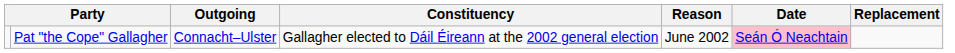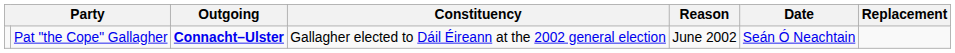 <table class="wikitable">
 <tr>
 <th colspan=2>Party</th>
 <th>Outgoing</th>
 <th>Constituency</th>
 <th>Reason</th>
 <th>Date</th>
 <th>Replacement</th>
 </tr>
 <tr>
 <td></td>
 <td><a href='#'>Pat "the Cope" Gallagher</a></td>
-<td><a href='#'>Connacht–Ulster</a></td>
+<td><strong><a href='#'>Connacht–Ulster</a></strong></td>
 <td>Gallagher elected to <a href='#'>Dáil Éireann</a> at the <a href='#'>2002 general election</a></td>
 <td>June 2002</td>
-<td style="background: pink;"><a href='#'>Seán Ó Neachtain</a></td>
+<td><a href='#'>Seán Ó Neachtain</a></td>
 </tr>
 </table>
